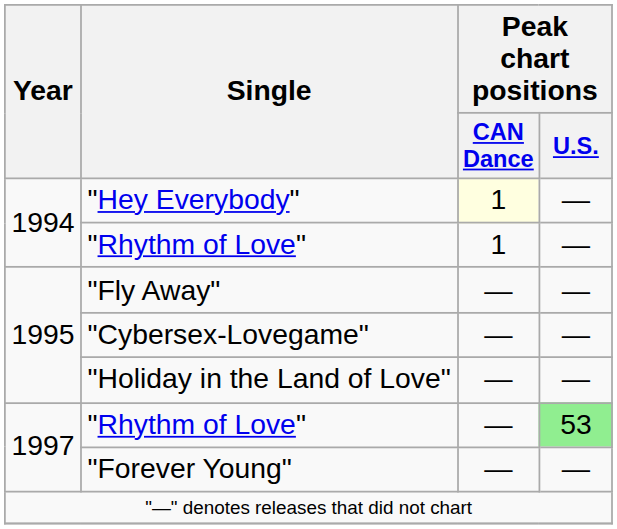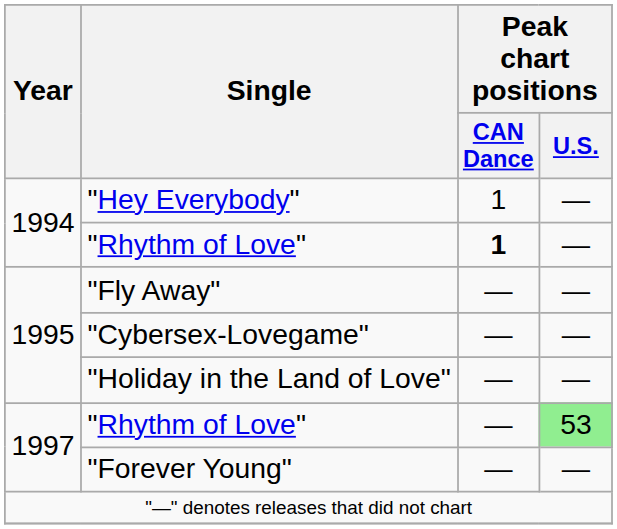 <table class="wikitable" style="text-align:center;">
 <tr>
 <th rowspan=2>Year</th>
 <th rowspan=2>Single</th>
 <th colspan=2>Peak chart positions</th>
 </tr>
 <tr style="font-size:smaller;">
 <th width="35"><a href='#'>CAN<br>Dance</a><br></th>
 <th width="35"><a href='#'>U.S.</a><br></th>
 </tr>
 <tr>
 <td rowspan=2>1994</td>
 <td align="left">"<a href='#'>Hey Everybody</a>"</td>
-<td style="background: lightyellow;">1</td>
+<td>1</td>
 <td>—</td>
 </tr>
 <tr>
 <td align="left">"<a href='#'>Rhythm of Love</a>"</td>
-<td>1</td>
+<td><strong>1</strong></td>
 <td>—</td>
 </tr>
 <tr>
 <td rowspan=3>1995</td>
 <td align="left">"Fly Away"</td>
 <td>—</td>
 <td>—</td>
 </tr>
 <tr>
 <td align="left">"Cybersex-Lovegame"</td>
 <td>—</td>
 <td>—</td>
 </tr>
 <tr>
 <td align="left">"Holiday in the Land of Love"</td>
 <td>—</td>
 <td>—</td>
 </tr>
 <tr>
 <td rowspan=2>1997</td>
 <td align="left">"<a href='#'>Rhythm of Love</a>" </td>
 <td>—</td>
 <td style="background: lightgreen;">53</td>
 </tr>
 <tr>
 <td align="left">"Forever Young"</td>
 <td>—</td>
 <td>—</td>
 </tr>
 <tr>
 <td colspan=15 style="font-size:8pt">"—" denotes releases that did not chart</td>
 </tr>
 <tr>
 </tr>
 </table>
